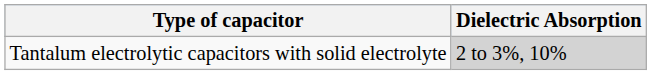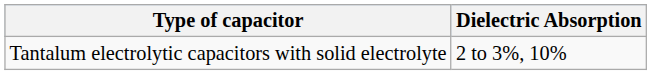 <table class="wikitable" style="margin:1em auto;">
 <tr style="background:#abcdef;">
 <th>Type of capacitor</th>
 <th>Dielectric Absorption</th>
 </tr>
 <tr>
 <td>Tantalum electrolytic capacitors with solid electrolyte</td>
-<td style="background: lightgrey;">2 to 3%, 10%</td>
+<td>2 to 3%, 10%</td>
 </tr>
 </table>
